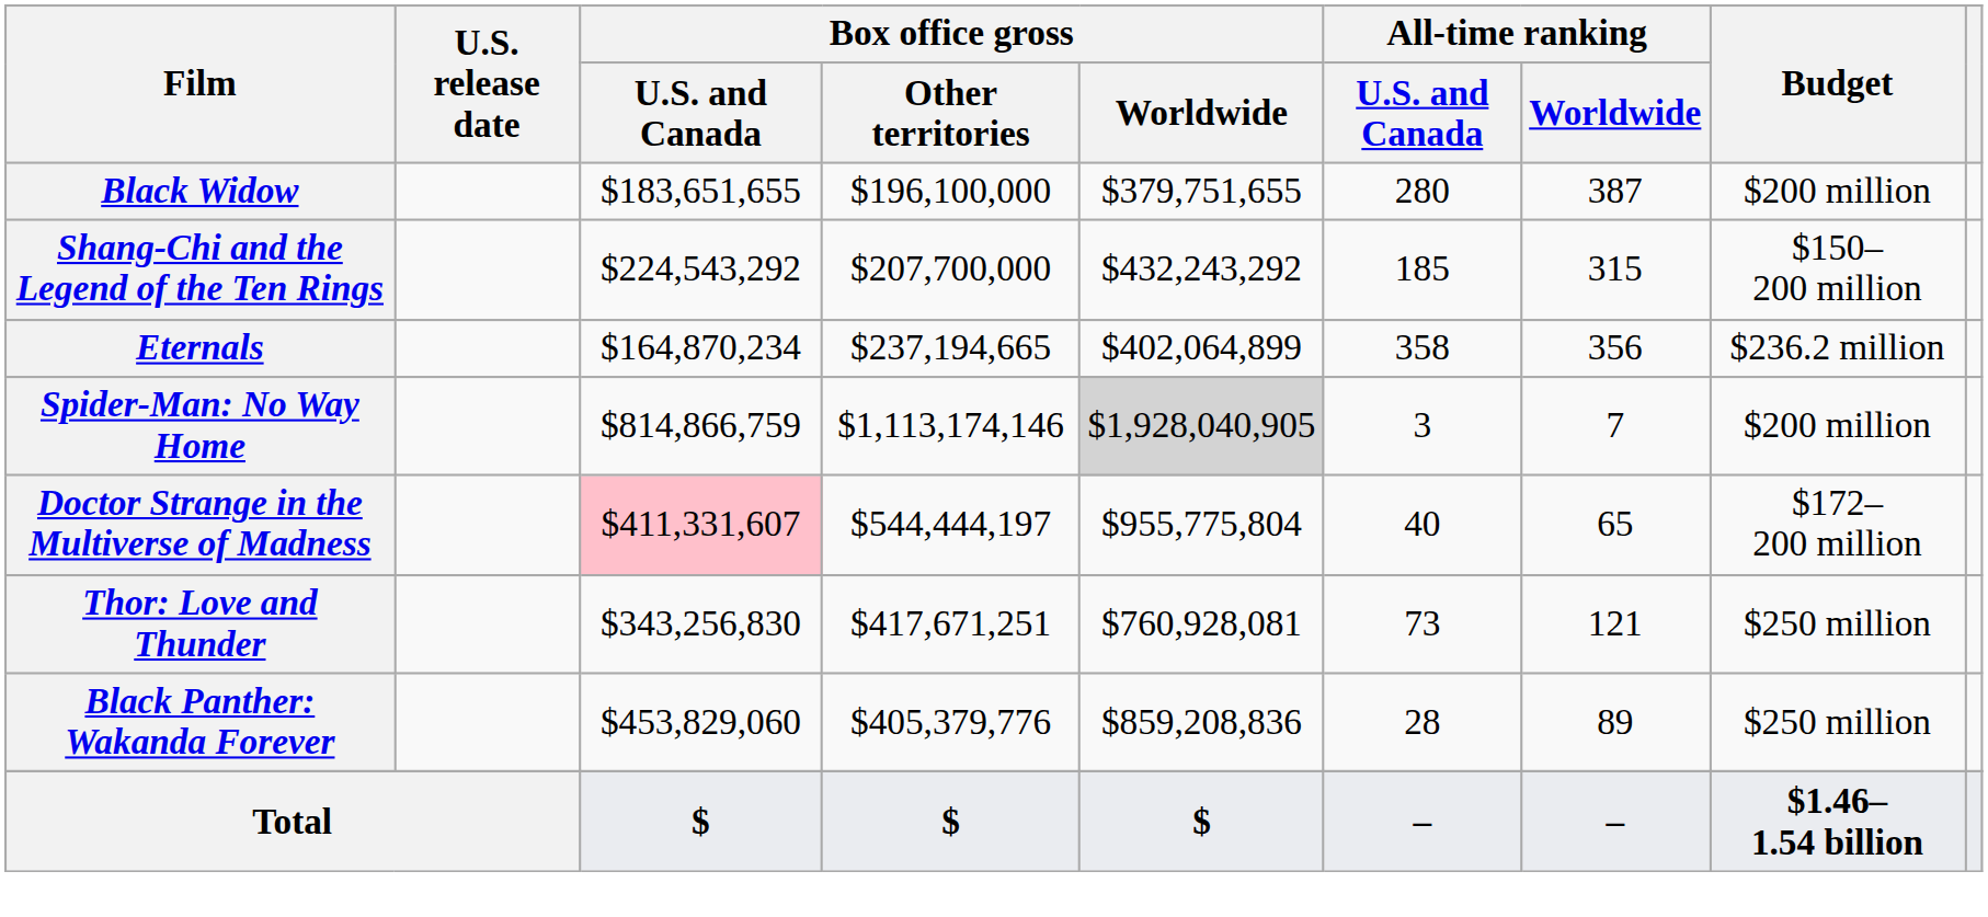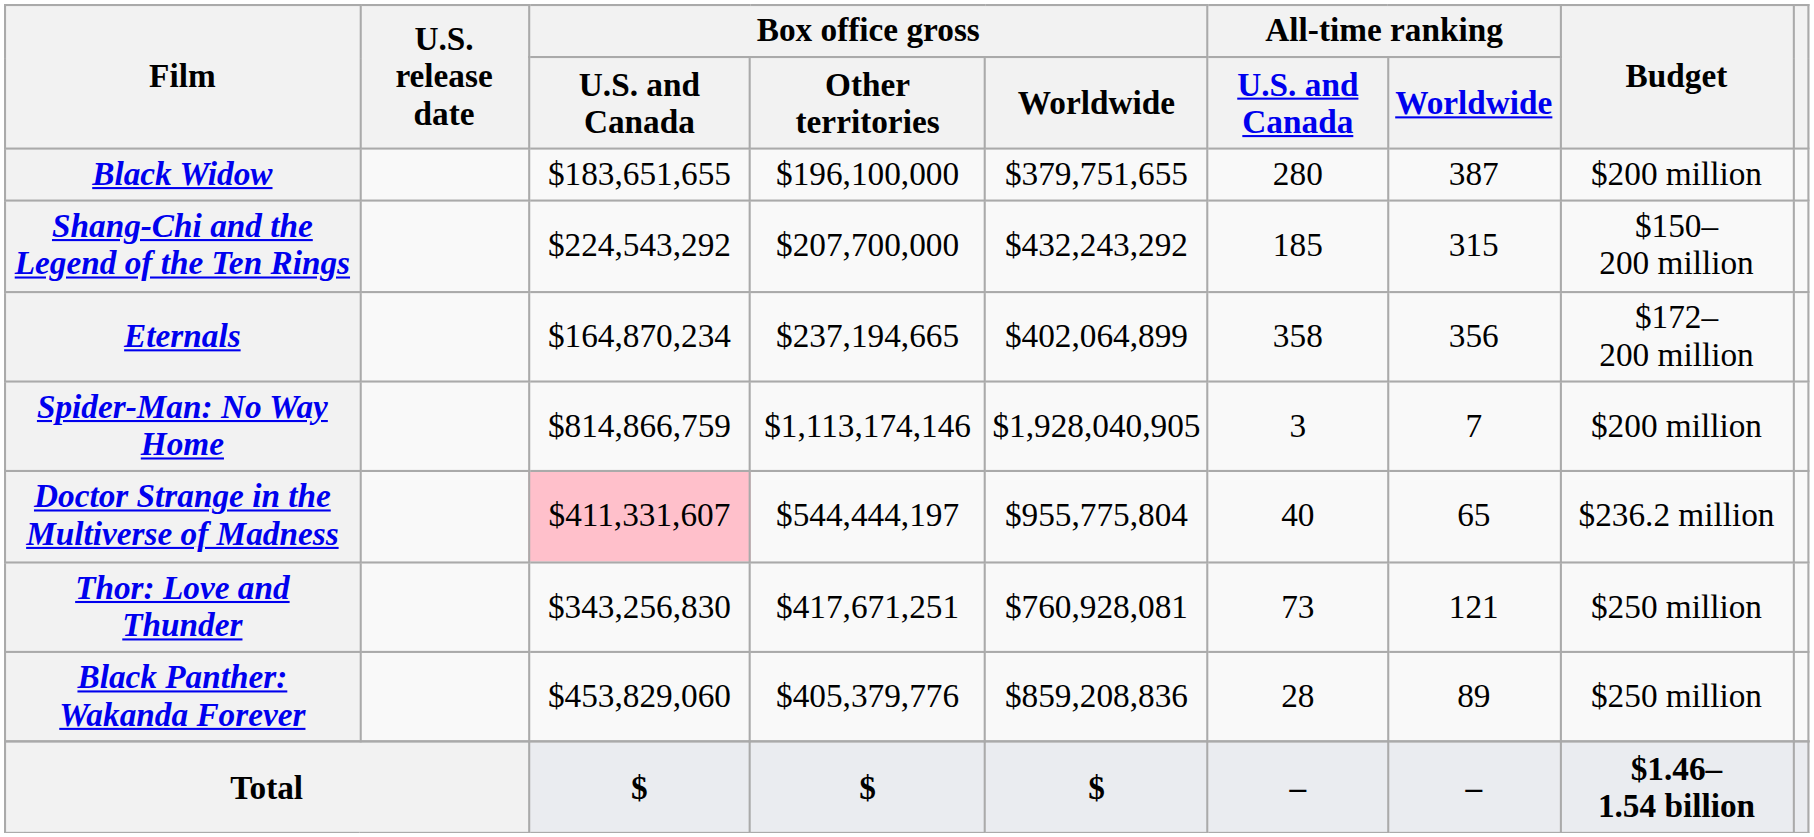 <table class="wikitable plainrowheaders sortable" style="text-align: center;">
 <tr>
 <th scope="col" rowspan="2">Film</th>
 <th scope="col" rowspan="2">U.S. release date</th>
 <th scope="col" colspan="3" class=sortable>Box office gross</th>
 <th scope="col" colspan="2" style="text: wrap;" class="unsortable">All-time ranking</th>
 <th scope="col" rowspan="2">Budget</th>
 <th scope="col" rowspan="2" class="unsortable"></th>
 </tr>
 <tr>
 <th scope="col">U.S. and Canada</th>
 <th scope="col">Other territories</th>
 <th scope="col">Worldwide</th>
 <th scope="col" class="sortable"><a href='#'>U.S. and Canada</a></th>
 <th scope="col" class="sortable"><a href='#'>Worldwide</a></th>
 </tr>
 <tr>
 <th scope="row"><em><a href='#'>Black Widow</a></em></th>
 <td></td>
 <td>$183,651,655</td>
 <td>$196,100,000</td>
 <td>$379,751,655</td>
 <td>280</td>
 <td>387</td>
 <td>$200 million</td>
 <td></td>
 </tr>
 <tr>
 <th scope="row"><em><a href='#'>Shang-Chi and the Legend of the Ten Rings</a></em></th>
 <td></td>
 <td>$224,543,292</td>
 <td>$207,700,000</td>
 <td>$432,243,292</td>
 <td>185</td>
 <td>315</td>
 <td>$150–200 million</td>
 <td></td>
 </tr>
 <tr>
 <th scope="row"><em><a href='#'>Eternals</a></em></th>
 <td></td>
 <td>$164,870,234</td>
 <td>$237,194,665</td>
 <td>$402,064,899</td>
 <td>358</td>
 <td>356</td>
-<td>$236.2 million</td>
+<td>$172–200 million</td>
 <td></td>
 </tr>
 <tr>
 <th scope="row"><em><a href='#'>Spider-Man: No Way Home</a></em></th>
 <td></td>
 <td>$814,866,759</td>
 <td>$1,113,174,146</td>
-<td style="background: lightgrey;">$1,928,040,905</td>
+<td>$1,928,040,905</td>
 <td>3</td>
 <td>7</td>
 <td>$200 million</td>
 <td></td>
 </tr>
 <tr>
 <th scope="row"><em><a href='#'>Doctor Strange in the Multiverse of Madness</a></em></th>
 <td></td>
 <td style="background: pink;">$411,331,607</td>
 <td>$544,444,197</td>
 <td>$955,775,804</td>
 <td>40</td>
 <td>65</td>
-<td>$172–200 million</td>
+<td>$236.2 million</td>
 <td></td>
 </tr>
 <tr>
 <th scope="row"><em><a href='#'>Thor: Love and Thunder</a></em></th>
 <td></td>
 <td>$343,256,830</td>
 <td>$417,671,251</td>
 <td>$760,928,081</td>
 <td>73</td>
 <td>121</td>
 <td>$250 million</td>
 <td></td>
 </tr>
 <tr>
 <th scope="row"><em><a href='#'>Black Panther: Wakanda Forever</a></em></th>
 <td></td>
 <td>$453,829,060</td>
 <td>$405,379,776</td>
 <td>$859,208,836</td>
 <td>28</td>
 <td>89</td>
 <td>$250 million</td>
 <td></td>
 </tr>
 <tr>
 </tr>
 <tr style="font-weight: bold; background-color: #EAECF0;">
 <th scope="row" colspan="2"><strong>Total</strong><br></th>
 <td>$</td>
 <td>$</td>
 <td>$<br></td>
 <td>–</td>
 <td>–</td>
 <td>$1.46–1.54 billion</td>
 <td></td>
 </tr>
 </table>
